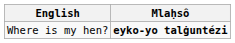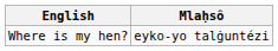 <table class="wikitable">
 <tr>
 <th>English</th>
 <th>Mlaḥsô</th>
 </tr>
 <tr>
 <td>Where is my hen?</td>
-<td><strong>eyko-yo talġuntézi</strong></td>
+<td>eyko-yo talġuntézi</td>
 </tr>
 </table>
